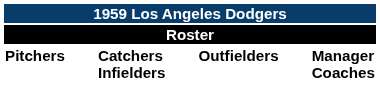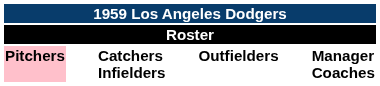 <table class="toccolours" style="font-size: 95%;">
 <tr>
 <th colspan="10" style="background-color: #083c6b; color: white; text-align: center;">1959 Los Angeles Dodgers</th>
 </tr>
 <tr>
 <td colspan="10" style="background-color: black; color: white; text-align: center;"><strong>Roster</strong></td>
 </tr>
 <tr>
-<td valign="top"><strong>Pitchers</strong><br>                       </td>
+<td valign="top" style="background: pink;"><strong>Pitchers</strong><br>                       </td>
 <td width="25px"></td>
 <td valign="top"><strong>Catchers</strong><br>   <strong>Infielders</strong>         </td>
 <td width="25px"></td>
 <td valign="top"><strong>Outfielders</strong><br>          </td>
 <td width="25px"></td>
 <td valign="top"><strong>Manager</strong><br> <strong>Coaches</strong>    </td>
 </tr>
 </table>
